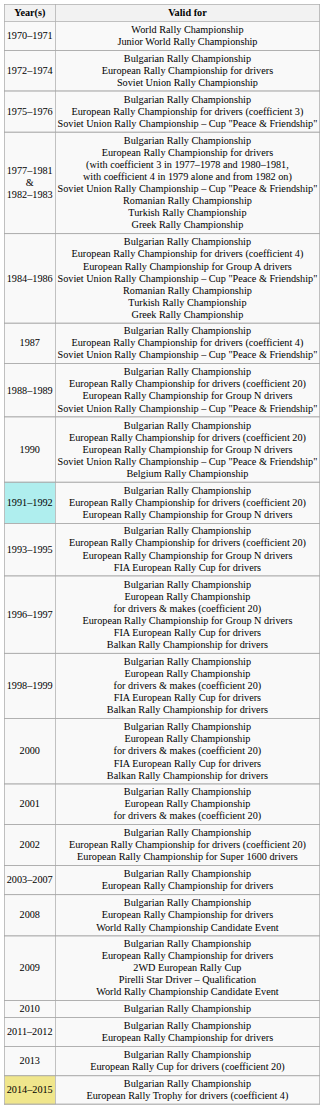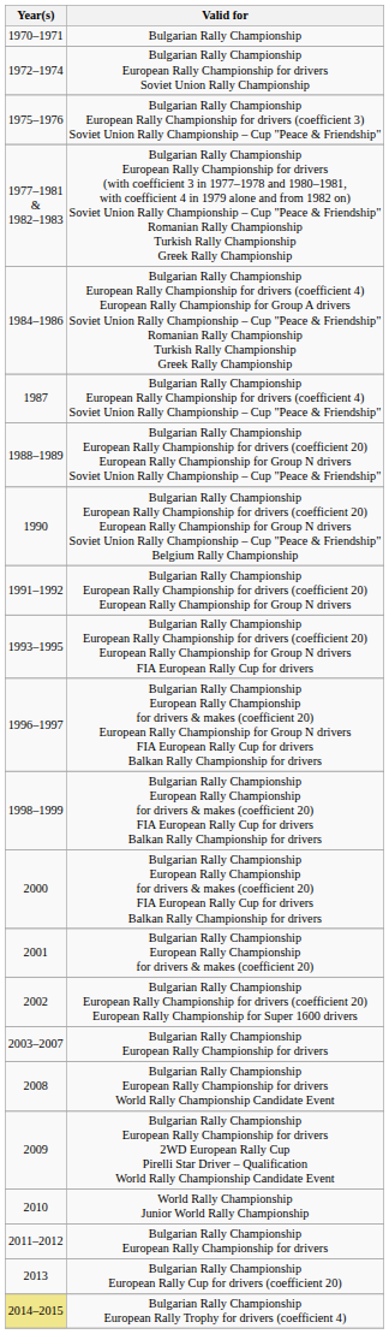 <table class="wikitable" border="1" style="font-size:90%;">
 <tr>
 <th>Year(s)</th>
 <th>Valid for</th>
 </tr>
 <tr>
 <td rowspan=1 align=center>1970–1971</td>
-<td rowspan=1 align=center>World Rally Championship<br>Junior World Rally Championship</td>
+<td rowspan=1 align=center>Bulgarian Rally Championship</td>
 </tr>
 <tr>
 </tr>
 <tr>
 <td rowspan=1 align=center>1972–1974</td>
 <td rowspan=1 align=center>Bulgarian Rally Championship<br>European Rally Championship for drivers<br>Soviet Union Rally Championship</td>
 </tr>
 <tr>
 </tr>
 <tr>
 <td rowspan=1 align=center>1975–1976</td>
 <td rowspan=1 align=center>Bulgarian Rally Championship<br>European Rally Championship for drivers (coefficient 3)<br>Soviet Union Rally Championship – Cup "Peace & Friendship"</td>
 </tr>
 <tr>
 </tr>
 <tr>
 <td rowspan=1 align=center>1977–1981<br>&<br>1982–1983</td>
 <td rowspan=1 align=center>Bulgarian Rally Championship<br>European Rally Championship for drivers<br>(with coefficient 3 in 1977–1978 and 1980–1981,<br>with coefficient 4 in 1979 alone and from 1982 on)<br>Soviet Union Rally Championship – Cup "Peace & Friendship"<br>Romanian Rally Championship<br>Turkish Rally Championship<br>Greek Rally Championship</td>
 </tr>
 <tr>
 </tr>
 <tr>
 <td rowspan=1 align=center>1984–1986</td>
 <td rowspan=1 align=center>Bulgarian Rally Championship<br>European Rally Championship for drivers (coefficient 4)<br>European Rally Championship for Group A drivers<br>Soviet Union Rally Championship – Cup "Peace & Friendship"<br>Romanian Rally Championship<br>Turkish Rally Championship<br>Greek Rally Championship</td>
 </tr>
 <tr>
 </tr>
 <tr>
 <td rowspan=1 align=center>1987</td>
 <td rowspan=1 align=center>Bulgarian Rally Championship<br>European Rally Championship for drivers (coefficient 4)<br>Soviet Union Rally Championship – Cup "Peace & Friendship"</td>
 </tr>
 <tr>
 </tr>
 <tr>
 <td rowspan=1 align=center>1988–1989</td>
 <td rowspan=1 align=center>Bulgarian Rally Championship<br>European Rally Championship for drivers (coefficient 20)<br>European Rally Championship for Group N drivers<br>Soviet Union Rally Championship – Cup "Peace & Friendship"</td>
 </tr>
 <tr>
 </tr>
 <tr>
 <td rowspan=1 align=center>1990</td>
 <td rowspan=1 align=center>Bulgarian Rally Championship<br>European Rally Championship for drivers (coefficient 20)<br>European Rally Championship for Group N drivers<br>Soviet Union Rally Championship – Cup "Peace & Friendship"<br>Belgium Rally Championship</td>
 </tr>
 <tr>
 </tr>
 <tr>
-<td rowspan=1 align=center style="background: paleturquoise;">1991–1992</td>
+<td rowspan=1 align=center>1991–1992</td>
 <td rowspan=1 align=center>Bulgarian Rally Championship<br>European Rally Championship for drivers (coefficient 20)<br>European Rally Championship for Group N drivers</td>
 </tr>
 <tr>
 </tr>
 <tr>
 <td rowspan=1 align=center>1993–1995</td>
 <td rowspan=1 align=center>Bulgarian Rally Championship<br>European Rally Championship for drivers (coefficient 20)<br>European Rally Championship for Group N drivers<br>FIA European Rally Cup for drivers</td>
 </tr>
 <tr>
 </tr>
 <tr>
 <td rowspan=1 align=center>1996–1997</td>
 <td rowspan=1 align=center>Bulgarian Rally Championship<br>European Rally Championship<br>for drivers & makes (coefficient 20)<br>European Rally Championship for Group N drivers<br>FIA European Rally Cup for drivers<br>Balkan Rally Championship for drivers</td>
 </tr>
 <tr>
 </tr>
 <tr>
 <td rowspan=1 align=center>1998–1999</td>
 <td rowspan=1 align=center>Bulgarian Rally Championship<br>European Rally Championship<br>for drivers & makes (coefficient 20)<br>FIA European Rally Cup for drivers<br>Balkan Rally Championship for drivers</td>
 </tr>
 <tr>
 </tr>
 <tr>
 <td rowspan=1 align=center>2000</td>
 <td rowspan=1 align=center>Bulgarian Rally Championship<br>European Rally Championship<br>for drivers & makes (coefficient 20)<br>FIA European Rally Cup for drivers<br>Balkan Rally Championship for drivers</td>
 </tr>
 <tr>
 </tr>
 <tr>
 <td rowspan=1 align=center>2001</td>
 <td rowspan=1 align=center>Bulgarian Rally Championship<br>European Rally Championship<br>for drivers & makes (coefficient 20)</td>
 </tr>
 <tr>
 </tr>
 <tr>
 <td rowspan=1 align=center>2002</td>
 <td rowspan=1 align=center>Bulgarian Rally Championship<br>European Rally Championship for drivers (coefficient 20)<br>European Rally Championship for Super 1600 drivers</td>
 </tr>
 <tr>
 </tr>
 <tr>
 <td rowspan=1 align=center>2003–2007</td>
 <td rowspan=1 align=center>Bulgarian Rally Championship<br>European Rally Championship for drivers</td>
 </tr>
 <tr>
 </tr>
 <tr>
 <td rowspan=1 align=center>2008</td>
 <td rowspan=1 align=center>Bulgarian Rally Championship<br>European Rally Championship for drivers<br>World Rally Championship Candidate Event</td>
 </tr>
 <tr>
 </tr>
 <tr>
 <td rowspan=1 align=center>2009</td>
 <td rowspan=1 align=center>Bulgarian Rally Championship<br>European Rally Championship for drivers<br>2WD European Rally Cup<br>Pirelli Star Driver – Qualification<br>World Rally Championship Candidate Event</td>
 </tr>
 <tr>
 </tr>
 <tr>
 <td rowspan=1 align=center>2010</td>
-<td rowspan=1 align=center>Bulgarian Rally Championship</td>
+<td rowspan=1 align=center>World Rally Championship<br>Junior World Rally Championship</td>
 </tr>
 <tr>
 </tr>
 <tr>
 <td rowspan=1 align=center>2011–2012</td>
 <td rowspan=1 align=center>Bulgarian Rally Championship<br>European Rally Championship for drivers</td>
 </tr>
 <tr>
 </tr>
 <tr>
 <td rowspan=1 align=center>2013</td>
 <td rowspan=1 align=center>Bulgarian Rally Championship<br>European Rally Cup for drivers (coefficient 20)</td>
 </tr>
 <tr>
 </tr>
 <tr>
 <td rowspan=1 align=center style="background: khaki;">2014–2015</td>
 <td rowspan=1 align=center>Bulgarian Rally Championship<br>European Rally Trophy for drivers (coefficient 4)</td>
 </tr>
 <tr>
 </tr>
 </table>
